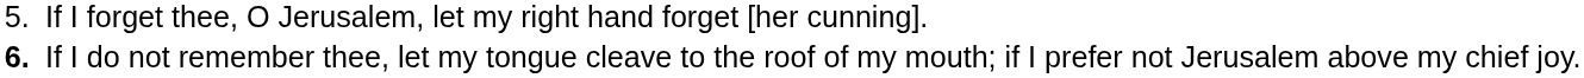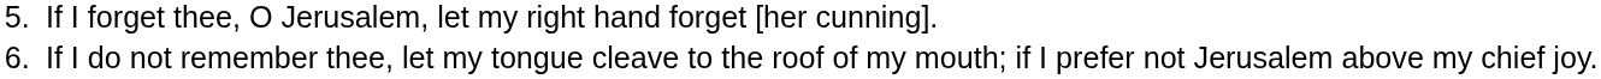 <table>
 <tr style="vertical-align: top;">
 <td>5. </td>
 <td>If I forget thee, O Jerusalem, let my right hand forget [her cunning].</td>
 </tr>
 <tr style="vertical-align: top;">
-<td><strong>6. </strong></td>
+<td>6. </td>
 <td>If I do not remember thee, let my tongue cleave to the roof of my mouth; if I prefer not Jerusalem above my chief joy.</td>
 </tr>
 </table>
